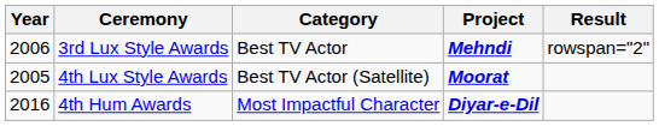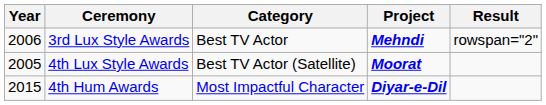 <table class="wikitable style">
 <tr>
 <th>Year</th>
 <th>Ceremony</th>
 <th>Category</th>
 <th>Project</th>
 <th>Result</th>
 </tr>
 <tr>
 <td>2006</td>
 <td><a href='#'>3rd Lux Style Awards</a></td>
 <td>Best TV Actor</td>
 <td><strong><em><a href='#'>Mehndi</a></em></strong></td>
 <td>rowspan="2" </td>
 </tr>
 <tr>
 <td>2005</td>
 <td><a href='#'>4th Lux Style Awards</a></td>
 <td>Best TV Actor (Satellite)</td>
 <td><strong><em><a href='#'>Moorat</a></em></strong></td>
 </tr>
 <tr>
-<td>2016</td>
+<td>2015</td>
 <td><a href='#'>4th Hum Awards</a></td>
 <td><a href='#'>Most Impactful Character</a></td>
 <td><strong><em><a href='#'>Diyar-e-Dil</a></em></strong></td>
 <td></td>
 </tr>
 </table>
